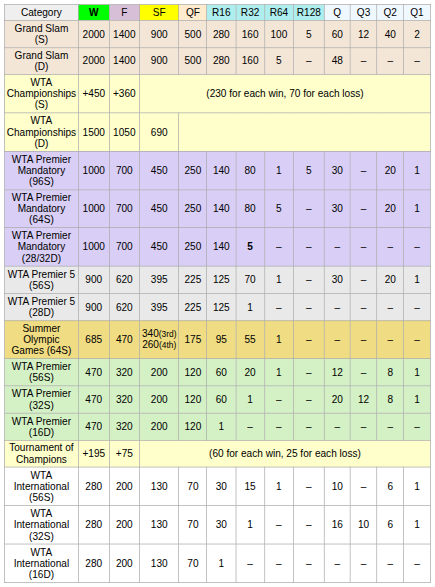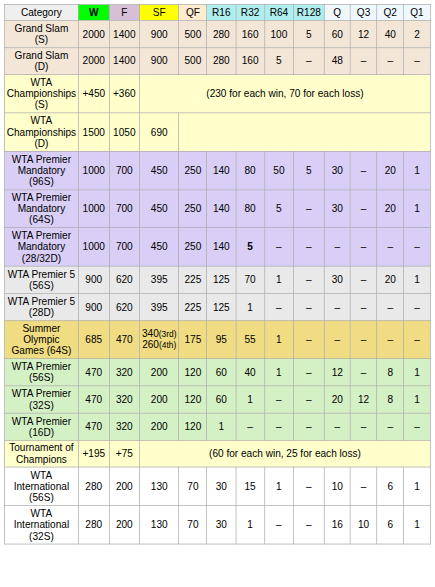 <table class="wikitable" style="font-size:90%">
 <tr align=center>
 <td style="background:#efefef;">Category</td>
 <td style="width:40px; background:lime;"><strong>W</strong></td>
 <td style="width:40px; background:thistle;">F</td>
 <td style="width:40px; background:#ff0;">SF</td>
 <td style="width:40px; background:#ffebcd;">QF</td>
 <td style="width:40px; background:#afeeee;">R16</td>
 <td style="width:40px; background:#afeeee;">R32</td>
 <td style="width:40px; background:#afeeee;">R64</td>
 <td style="width:40px; background:#afeeee;">R128</td>
 <td style="width:40px; background:#f0f8ff;">Q</td>
 <td style="width:40px; background:#f0f8ff;">Q3</td>
 <td style="width:40px; background:#f0f8ff;">Q2</td>
 <td style="width:40px; background:#f0f8ff;">Q1</td>
 </tr>
 <tr style="text-align:center; background:#F3E6D7;">
 <td>Grand Slam (S)</td>
 <td>2000</td>
 <td>1400</td>
 <td>900</td>
 <td>500</td>
 <td>280</td>
 <td>160</td>
 <td>100</td>
 <td>5</td>
 <td>60</td>
 <td>12</td>
 <td>40</td>
 <td>2</td>
 </tr>
 <tr style="text-align:center; background:#F3E6D7;">
 <td>Grand Slam (D)</td>
 <td>2000</td>
 <td>1400</td>
 <td>900</td>
 <td>500</td>
 <td>280</td>
 <td>160</td>
 <td>5</td>
 <td>–</td>
 <td>48</td>
 <td>–</td>
 <td>–</td>
 <td>–</td>
 </tr>
 <tr style="text-align:center; background:#ffc;">
 <td>WTA Championships (S)</td>
 <td>+450</td>
 <td>+360</td>
 <td colspan="10" style="text-align:center">(230 for each win, 70 for each loss)</td>
 </tr>
 <tr style="text-align:center; background:#ffc;">
 <td>WTA Championships (D)</td>
 <td>1500</td>
 <td>1050</td>
 <td>690</td>
 <td colspan="9" style="text-align:center"></td>
 </tr>
 <tr style="text-align:center; background:#d8cef6;">
 <td>WTA Premier Mandatory (96S)</td>
 <td>1000</td>
 <td>700</td>
 <td>450</td>
 <td>250</td>
 <td>140</td>
 <td>80</td>
-<td>1</td>
+<td>50</td>
 <td>5</td>
 <td>30</td>
 <td>–</td>
 <td>20</td>
 <td>1</td>
 </tr>
 <tr style="text-align:center; background:#d8cef6;">
 <td>WTA Premier Mandatory (64S)</td>
 <td>1000</td>
 <td>700</td>
 <td>450</td>
 <td>250</td>
 <td>140</td>
 <td>80</td>
 <td>5</td>
 <td>–</td>
 <td>30</td>
 <td>–</td>
 <td>20</td>
 <td>1</td>
 </tr>
 <tr style="text-align:center; background:#d8cef6;">
 <td>WTA Premier Mandatory (28/32D)</td>
 <td>1000</td>
 <td>700</td>
 <td>450</td>
 <td>250</td>
 <td>140</td>
 <td><strong>5</strong></td>
 <td>–</td>
 <td>–</td>
 <td>–</td>
 <td>–</td>
 <td>–</td>
 <td>–</td>
 </tr>
 <tr style="text-align:center; background:#E9E9E9;">
 <td>WTA Premier 5 (56S)</td>
 <td>900</td>
 <td>620</td>
 <td>395</td>
 <td>225</td>
 <td>125</td>
 <td>70</td>
 <td>1</td>
 <td>–</td>
 <td>30</td>
 <td>–</td>
 <td>20</td>
 <td>1</td>
 </tr>
 <tr style="text-align:center; background:#E9E9E9;">
 <td>WTA Premier 5 (28D)</td>
 <td>900</td>
 <td>620</td>
 <td>395</td>
 <td>225</td>
 <td>125</td>
 <td>1</td>
 <td>–</td>
 <td>–</td>
 <td>–</td>
 <td>–</td>
 <td>–</td>
 <td>–</td>
 </tr>
 <tr style="text-align:center; background:#f0dc82;">
 <td>Summer Olympic Games (64S)</td>
 <td>685</td>
 <td>470</td>
 <td>340<small>(3rd)</small> 260<small>(4th)</small></td>
 <td>175</td>
 <td>95</td>
 <td>55</td>
 <td>1</td>
 <td>–</td>
 <td>–</td>
 <td>–</td>
 <td>–</td>
 <td>–</td>
 </tr>
 <tr style="text-align:center; background:#D4F1C5;">
 <td>WTA Premier (56S)</td>
 <td>470</td>
 <td>320</td>
 <td>200</td>
 <td>120</td>
 <td>60</td>
-<td>20</td>
+<td>40</td>
 <td>1</td>
 <td>–</td>
 <td>12</td>
 <td>–</td>
 <td>8</td>
 <td>1</td>
 </tr>
 <tr style="text-align:center; background:#D4F1C5;">
 <td>WTA Premier (32S)</td>
 <td>470</td>
 <td>320</td>
 <td>200</td>
 <td>120</td>
 <td>60</td>
 <td>1</td>
 <td>–</td>
 <td>–</td>
 <td>20</td>
 <td>12</td>
 <td>8</td>
 <td>1</td>
 </tr>
 <tr style="text-align:center; background:#D4F1C5;">
 <td>WTA Premier (16D)</td>
 <td>470</td>
 <td>320</td>
 <td>200</td>
 <td>120</td>
 <td>1</td>
 <td>–</td>
 <td>–</td>
 <td>–</td>
 <td>–</td>
 <td>–</td>
 <td>–</td>
 <td>–</td>
 </tr>
 <tr style="text-align:center; background:#ffc;">
 <td>Tournament of Champions</td>
 <td>+195</td>
 <td>+75</td>
 <td colspan="10" style="text-align:center">(60 for each win, 25 for each loss)</td>
 </tr>
 <tr style="text-align:center; background:#fff;">
 <td>WTA International (56S)</td>
 <td>280</td>
 <td>200</td>
 <td>130</td>
 <td>70</td>
 <td>30</td>
 <td>15</td>
 <td>1</td>
 <td>–</td>
 <td>10</td>
 <td>–</td>
 <td>6</td>
 <td>1</td>
 </tr>
 <tr style="text-align:center; background:#fff;">
 <td>WTA International (32S)</td>
 <td>280</td>
 <td>200</td>
 <td>130</td>
 <td>70</td>
 <td>30</td>
 <td>1</td>
 <td>–</td>
 <td>–</td>
 <td>16</td>
 <td>10</td>
 <td>6</td>
 <td>1</td>
 </tr>
-<tr style="text-align:center; background:#fff;">
-<td>WTA International (16D)</td>
-<td>280</td>
-<td>200</td>
-<td>130</td>
-<td>70</td>
-<td>1</td>
-<td>–</td>
-<td>–</td>
-<td>–</td>
-<td>–</td>
-<td>–</td>
-<td>–</td>
-<td>–</td>
-</tr>
 </table>
